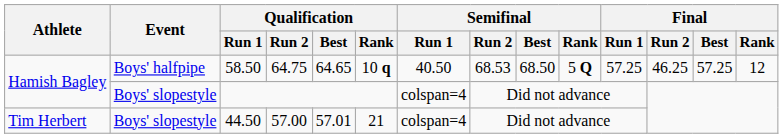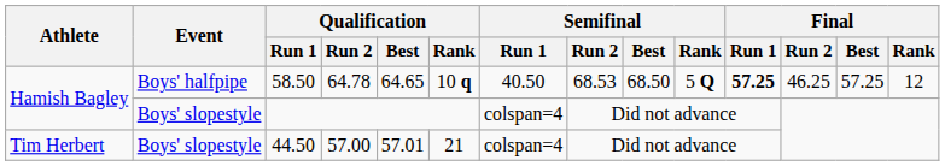 <table class="wikitable" style="font-size:90%">
 <tr>
 <th rowspan="2">Athlete</th>
 <th rowspan="2">Event</th>
 <th colspan="4">Qualification</th>
 <th colspan="4">Semifinal</th>
 <th colspan="4">Final</th>
 </tr>
 <tr style="font-size:95%">
 <th>Run 1</th>
 <th>Run 2</th>
 <th>Best</th>
 <th>Rank</th>
 <th>Run 1</th>
 <th>Run 2</th>
 <th>Best</th>
 <th>Rank</th>
 <th>Run 1</th>
 <th>Run 2</th>
 <th>Best</th>
 <th>Rank</th>
 </tr>
 <tr>
 <td rowspan="2"><a href='#'>Hamish Bagley</a></td>
 <td><a href='#'>Boys' halfpipe</a></td>
 <td align="center">58.50</td>
-<td align="center">64.75</td>
+<td align="center">64.78</td>
 <td align="center">64.65</td>
 <td align="center">10 <strong>q</strong></td>
 <td align="center">40.50</td>
 <td align="center">68.53</td>
 <td align="center">68.50</td>
 <td align="center">5 <strong>Q</strong></td>
-<td align="center">57.25</td>
+<td align="center"><strong>57.25</strong></td>
 <td align="center">46.25</td>
 <td align="center">57.25</td>
 <td align="center">12</td>
 </tr>
 <tr>
 <td><a href='#'>Boys' slopestyle</a></td>
 <td align="center" colspan=4></td>
 <td>colspan=4 </td>
 <td align="center" colspan=4>Did not advance</td>
 </tr>
 <tr>
 <td><a href='#'>Tim Herbert</a></td>
 <td><a href='#'>Boys' slopestyle</a></td>
 <td align="center">44.50</td>
 <td align="center">57.00</td>
 <td align="center">57.01</td>
 <td align="center">21</td>
 <td>colspan=4 </td>
 <td align="center" colspan=4>Did not advance</td>
 </tr>
 </table>
